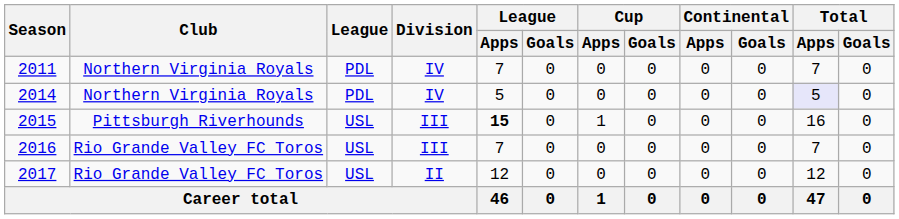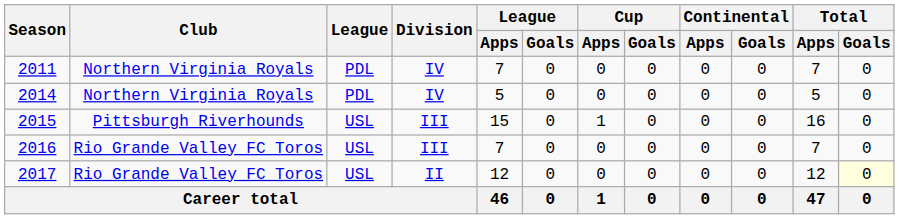 <table class="wikitable" style="text-align:center">
 <tr>
 <th rowspan="2">Season</th>
 <th rowspan="2">Club</th>
 <th rowspan="2">League</th>
 <th rowspan="2">Division</th>
 <th colspan="2">League</th>
 <th colspan="2">Cup</th>
 <th colspan="2">Continental</th>
 <th colspan="2">Total</th>
 </tr>
 <tr>
 <th>Apps</th>
 <th>Goals</th>
 <th>Apps</th>
 <th>Goals</th>
 <th>Apps</th>
 <th>Goals</th>
 <th>Apps</th>
 <th>Goals</th>
 </tr>
 <tr>
 <td><a href='#'>2011</a></td>
 <td rowspan="1"><a href='#'>Northern Virginia Royals</a></td>
 <td rowspan="1"><a href='#'>PDL</a></td>
 <td rowspan="1"><a href='#'>IV</a></td>
 <td>7</td>
 <td>0</td>
 <td>0</td>
 <td>0</td>
 <td>0</td>
 <td>0</td>
 <td>7</td>
 <td>0</td>
 </tr>
 <tr>
 <td><a href='#'>2014</a></td>
 <td rowspan="1"><a href='#'>Northern Virginia Royals</a></td>
 <td rowspan="1"><a href='#'>PDL</a></td>
 <td rowspan="1"><a href='#'>IV</a></td>
 <td>5</td>
 <td>0</td>
 <td>0</td>
 <td>0</td>
 <td>0</td>
 <td>0</td>
-<td style="background: lavender;">5</td>
+<td>5</td>
 <td>0</td>
 </tr>
 <tr>
 <td><a href='#'>2015</a></td>
 <td rowspan="1"><a href='#'>Pittsburgh Riverhounds</a></td>
 <td rowspan="1"><a href='#'>USL</a></td>
 <td rowspan="1"><a href='#'>III</a></td>
-<td><strong>15</strong></td>
+<td>15</td>
 <td>0</td>
 <td>1</td>
 <td>0</td>
 <td>0</td>
 <td>0</td>
 <td>16</td>
 <td>0</td>
 </tr>
 <tr>
 <td><a href='#'>2016</a></td>
 <td rowspan="1"><a href='#'>Rio Grande Valley FC Toros</a></td>
 <td rowspan="1"><a href='#'>USL</a></td>
 <td rowspan="1"><a href='#'>III</a></td>
 <td>7</td>
 <td>0</td>
 <td>0</td>
 <td>0</td>
 <td>0</td>
 <td>0</td>
 <td>7</td>
 <td>0</td>
 </tr>
 <tr>
 <td><a href='#'>2017</a></td>
 <td rowspan="1"><a href='#'>Rio Grande Valley FC Toros</a></td>
 <td rowspan="1"><a href='#'>USL</a></td>
 <td rowspan="1"><a href='#'>II</a></td>
 <td>12</td>
 <td>0</td>
 <td>0</td>
 <td>0</td>
 <td>0</td>
 <td>0</td>
 <td>12</td>
-<td>0</td>
+<td style="background: lightyellow;">0</td>
 </tr>
 <tr>
 <th colspan="4">Career total</th>
 <th>46</th>
 <th>0</th>
 <th>1</th>
 <th>0</th>
 <th>0</th>
 <th>0</th>
 <th>47</th>
 <th>0</th>
 </tr>
 </table>
